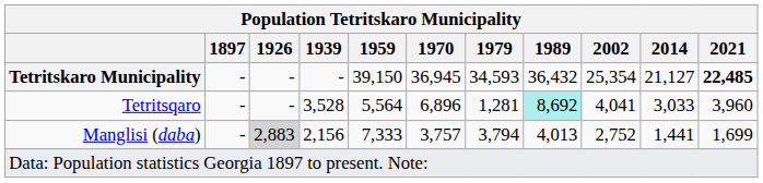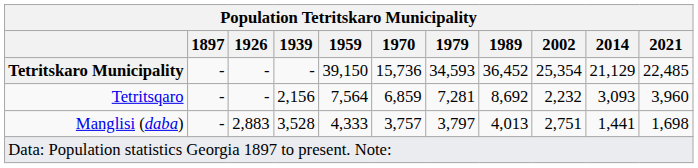 <table class="wikitable" style="text-align:right">
 <tr>
 <th colspan=19>Population Tetritskaro Municipality</th>
 </tr>
 <tr>
 <th></th>
 <th>1897</th>
 <th>1926</th>
 <th>1939</th>
 <th>1959</th>
 <th>1970</th>
 <th>1979</th>
 <th>1989</th>
 <th>2002</th>
 <th>2014</th>
 <th>2021</th>
 </tr>
 <tr>
 <th>Tetritskaro Municipality</th>
 <td>-</td>
 <td>-</td>
 <td>-</td>
 <td>39,150</td>
-<td> 36,945</td>
+<td> 15,736</td>
 <td> 34,593</td>
-<td> 36,432</td>
+<td> 36,452</td>
 <td> 25,354</td>
-<td> 21,127</td>
-<td><strong> 22,485</strong></td>
+<td> 21,129</td>
+<td> 22,485</td>
 </tr>
 <tr>
 <td><a href='#'>Tetritsqaro</a> </td>
 <td>-</td>
 <td>-</td>
-<td> 3,528</td>
-<td> 5,564</td>
-<td> 6,896</td>
-<td> 1,281</td>
-<td style="background: paleturquoise;"> 8,692</td>
-<td> 4,041</td>
-<td> 3,033</td>
+<td> 2,156</td>
+<td> 7,564</td>
+<td> 6,859</td>
+<td> 7,281</td>
+<td> 8,692</td>
+<td> 2,232</td>
+<td> 3,093</td>
 <td> 3,960</td>
 </tr>
 <tr>
 <td><a href='#'>Manglisi</a> (<a href='#'><em>daba</em></a>)</td>
 <td>-</td>
-<td style="background: lightgrey;">2,883</td>
-<td> 2,156</td>
-<td> 7,333</td>
+<td>2,883</td>
+<td> 3,528</td>
+<td> 4,333</td>
 <td> 3,757</td>
-<td> 3,794</td>
+<td> 3,797</td>
 <td> 4,013</td>
-<td> 2,752</td>
+<td> 2,751</td>
 <td> 1,441</td>
-<td> 1,699</td>
+<td> 1,698</td>
 </tr>
 <tr>
 <td colspan=15 class="wikitable" style="align:left;text-align:left;background-color:#eaecf0">Data: Population statistics Georgia 1897 to present. Note:</td>
 </tr>
 </table>
